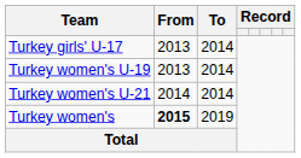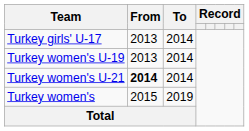 <table class="wikitable" style="text-align: center">
 <tr>
 <th rowspan="2">Team</th>
 <th rowspan="2">From</th>
 <th rowspan="2">To</th>
 <th colspan="5">Record</th>
 </tr>
 <tr>
 <th></th>
 <th></th>
 <th></th>
 <th></th>
 <th></th>
 </tr>
 <tr>
 <td align=left><a href='#'>Turkey girls' U-17</a></td>
 <td align=left>2013</td>
 <td align=left>2014<br></td>
 </tr>
 <tr>
 <td align=left><a href='#'>Turkey women's U-19</a></td>
 <td align=left>2013</td>
 <td align=left>2014<br></td>
 </tr>
 <tr>
 <td align=left><a href='#'>Turkey women's U-21</a></td>
-<td align=left>2014</td>
+<td align=left><strong>2014</strong></td>
 <td align=left>2014<br></td>
 </tr>
 <tr>
 <td align=left><a href='#'>Turkey women's</a></td>
-<td align=left><strong>2015</strong></td>
+<td align=left>2015</td>
 <td align=left>2019<br></td>
 </tr>
 <tr>
 <th colspan="3">Total<br></th>
 </tr>
 </table>
